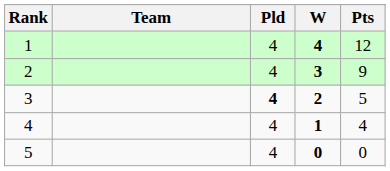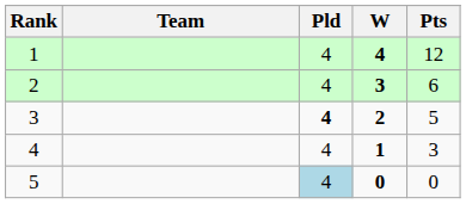 <table class="wikitable">
 <tr>
 </tr>
 <tr>
 <th style="width:35px">Rank</th>
 <th style="width:180px">Team</th>
 <th style="width:35px">Pld</th>
 <th style="width:35px">W</th>
 <th style="width:35px">Pts</th>
 </tr>
 <tr bgcolor=#ccffcc>
 <td align=center>1</td>
 <td></td>
 <td align=center>4</td>
 <td align=center><strong>4</strong></td>
 <td align=center>12</td>
 </tr>
 <tr bgcolor=#ccffcc>
 <td align=center>2</td>
 <td></td>
 <td align=center>4</td>
 <td align=center><strong>3</strong></td>
-<td align=center>9</td>
+<td align=center>6</td>
 </tr>
 <tr>
 <td align=center>3</td>
 <td></td>
 <td align=center><strong>4</strong></td>
 <td align=center><strong>2</strong></td>
 <td align=center>5</td>
 </tr>
 <tr>
 <td align=center>4</td>
 <td></td>
 <td align=center>4</td>
 <td align=center><strong>1</strong></td>
-<td align=center>4</td>
+<td align=center>3</td>
 </tr>
 <tr>
 <td align=center>5</td>
 <td></td>
-<td align=center>4</td>
+<td align=center style="background: lightblue;">4</td>
 <td align=center><strong>0</strong></td>
 <td align=center>0</td>
 </tr>
 </table>
